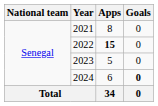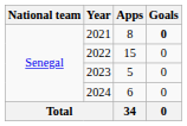 <table class=wikitable style=text-align:center>
 <tr>
 <th>National team</th>
 <th>Year</th>
 <th>Apps</th>
 <th>Goals</th>
 </tr>
 <tr>
 <td rowspan=4><a href='#'>Senegal</a></td>
 <td>2021</td>
 <td>8</td>
-<td>0</td>
+<td><strong>0</strong></td>
 </tr>
 <tr>
 <td>2022</td>
-<td><strong>15</strong></td>
+<td>15</td>
 <td>0</td>
 </tr>
 <tr>
 <td>2023</td>
 <td>5</td>
 <td>0</td>
 </tr>
 <tr>
 <td>2024</td>
 <td>6</td>
-<td><strong>0</strong></td>
+<td>0</td>
 </tr>
 <tr>
 <th colspan=2>Total</th>
 <th>34</th>
 <th>0</th>
 </tr>
 </table>
